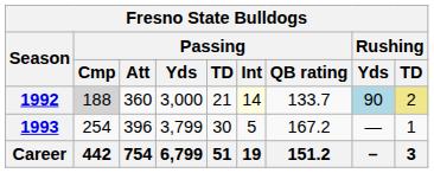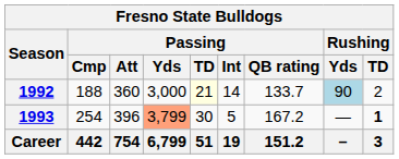 <table class="wikitable" style="text-align:center;">
 <tr>
 <th colspan="11">Fresno State Bulldogs</th>
 </tr>
 <tr>
 <th rowspan="2">Season</th>
 <th colspan="6">Passing</th>
 <th colspan="2">Rushing</th>
 </tr>
 <tr>
 <th>Cmp</th>
 <th>Att</th>
 <th>Yds</th>
 <th>TD</th>
 <th>Int</th>
 <th>QB rating</th>
 <th>Yds</th>
 <th>TD</th>
 </tr>
 <tr>
 <th><a href='#'>1992</a></th>
-<td style="background: lightgrey;">188</td>
+<td>188</td>
 <td>360</td>
 <td>3,000</td>
-<td>21</td>
-<td style="background: lightyellow;">14</td>
+<td style="background: lightyellow;">21</td>
+<td>14</td>
 <td>133.7</td>
 <td style="background: lightblue;">90</td>
-<td style="background: khaki;">2</td>
+<td>2</td>
 </tr>
 <tr>
 <th><a href='#'>1993</a></th>
 <td>254</td>
 <td>396</td>
-<td>3,799</td>
+<td style="background: lightsalmon;">3,799</td>
 <td>30</td>
 <td>5</td>
 <td>167.2</td>
 <td>—</td>
-<td>1</td>
+<td><strong>1</strong></td>
 </tr>
 <tr>
 <th>Career</th>
 <th>442</th>
 <th>754</th>
 <th>6,799</th>
 <th>51</th>
 <th>19</th>
 <th>151.2</th>
 <th>–</th>
 <th>3</th>
 </tr>
 </table>
